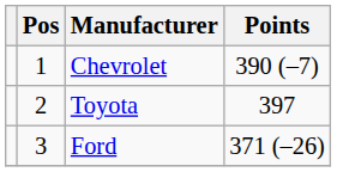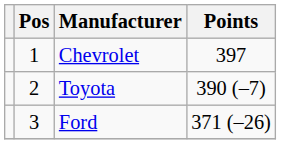 <table class="wikitable" style="font-size: 95%;">
 <tr>
 <th></th>
 <th>Pos</th>
 <th>Manufacturer</th>
 <th>Points</th>
 </tr>
 <tr>
 <td align="left"></td>
 <td style="text-align:center;">1</td>
 <td><a href='#'>Chevrolet</a></td>
-<td style="text-align:center;">390 (–7)</td>
+<td style="text-align:center;">397</td>
 </tr>
 <tr>
 <td align="left"></td>
 <td style="text-align:center;">2</td>
 <td><a href='#'>Toyota</a></td>
-<td style="text-align:center;">397</td>
+<td style="text-align:center;">390 (–7)</td>
 </tr>
 <tr>
 <td align="left"></td>
 <td style="text-align:center;">3</td>
 <td><a href='#'>Ford</a></td>
 <td style="text-align:center;">371 (–26)</td>
 </tr>
 <tr class="sortbottom">
 </tr>
 </table>
